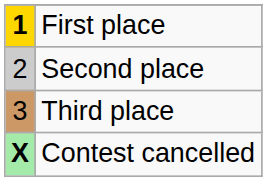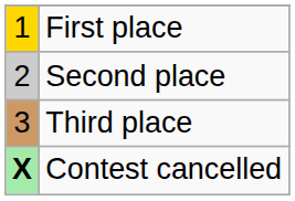 <table class="wikitable">
 <tr>
 </tr>
 <tr>
-<td style="text-align:center; background-color:#FFD700;"><strong>1</strong></td>
+<td style="text-align:center; background-color:#FFD700;">1</td>
 <td>First place</td>
 </tr>
 <tr>
 <td style="text-align:center; background-color:#CCC;">2</td>
 <td>Second place</td>
 </tr>
 <tr>
 <td style="text-align:center; background-color:#C96;">3</td>
 <td>Third place</td>
 </tr>
 <tr>
 <td style="text-align:center; background-color:#A4EAA9;"><strong>X</strong></td>
 <td>Contest cancelled</td>
 </tr>
 </table>
